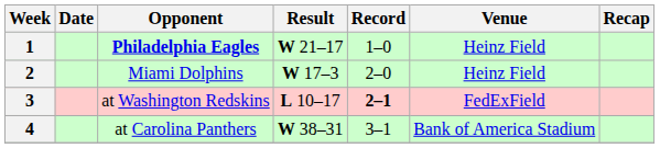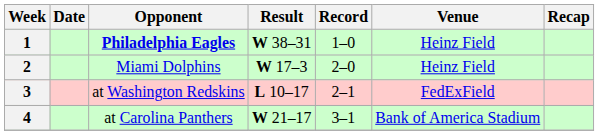 <table class="wikitable" style="text-align:center">
 <tr>
 <th>Week</th>
 <th>Date</th>
 <th>Opponent</th>
 <th>Result</th>
 <th>Record</th>
 <th>Venue</th>
 <th>Recap</th>
 </tr>
 <tr style="background: #cfc;">
 <th>1</th>
 <td></td>
 <td><strong><a href='#'>Philadelphia Eagles</a></strong></td>
-<td><strong>W</strong> 21–17</td>
+<td><strong>W</strong> 38–31</td>
 <td>1–0</td>
 <td><a href='#'>Heinz Field</a></td>
 <td></td>
 </tr>
 <tr style="background: #cfc;">
 <th>2</th>
 <td></td>
 <td><a href='#'>Miami Dolphins</a></td>
 <td><strong>W</strong> 17–3</td>
 <td>2–0</td>
 <td><a href='#'>Heinz Field</a></td>
 <td></td>
 </tr>
 <tr style="background: #fcc;">
 <th>3</th>
 <td></td>
 <td>at <a href='#'>Washington Redskins</a></td>
 <td><strong>L</strong> 10–17</td>
-<td><strong>2–1</strong></td>
+<td>2–1</td>
 <td><a href='#'>FedExField</a></td>
 <td></td>
 </tr>
 <tr style="background: #cfc;">
 <th>4</th>
 <td></td>
 <td>at <a href='#'>Carolina Panthers</a></td>
-<td><strong>W</strong> 38–31</td>
+<td><strong>W</strong> 21–17</td>
 <td>3–1</td>
 <td><a href='#'>Bank of America Stadium</a></td>
 <td></td>
 </tr>
 <tr style="background: #ddffdd;">
 </tr>
 </table>
